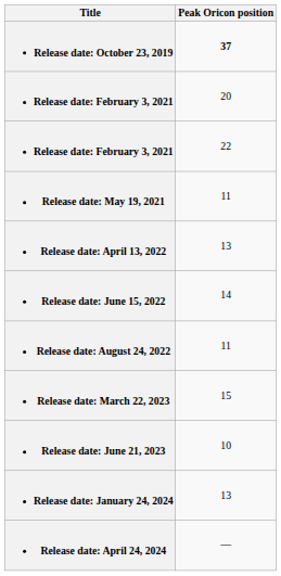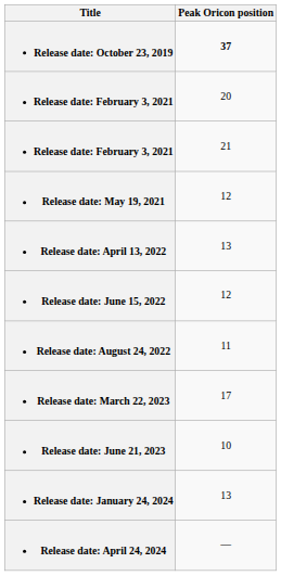 <table class="wikitable plainrowheaders">
 <tr>
 <th scope="col">Title</th>
 <th scope="col">Peak Oricon position</th>
 </tr>
 <tr>
 <th scope="row"><br><ul><li>Release date: October 23, 2019</li></ul></th>
 <td align="center"><strong>37</strong></td>
 </tr>
 <tr>
 <th scope="row"><br><ul><li>Release date: February 3, 2021</li></ul></th>
 <td align="center">20</td>
 </tr>
 <tr>
 <th scope="row"><br><ul><li>Release date: February 3, 2021</li></ul></th>
-<td align="center">22</td>
+<td align="center">21</td>
 </tr>
 <tr>
 <th scope="row"><br><ul><li>Release date: May 19, 2021</li></ul></th>
-<td align="center">11</td>
+<td align="center">12</td>
 </tr>
 <tr>
 <th scope="row"><br><ul><li>Release date: April 13, 2022</li></ul></th>
 <td align="center">13</td>
 </tr>
 <tr>
 <th scope="row"><br><ul><li>Release date: June 15, 2022</li></ul></th>
-<td align="center">14</td>
+<td align="center">12</td>
 </tr>
 <tr>
 <th scope="row"><br><ul><li>Release date: August 24, 2022</li></ul></th>
 <td align="center">11</td>
 </tr>
 <tr>
 <th scope="row"><br><ul><li>Release date: March 22, 2023</li></ul></th>
-<td align="center">15</td>
+<td align="center">17</td>
 </tr>
 <tr>
 <th scope="row"><br><ul><li>Release date: June 21, 2023</li></ul></th>
 <td align="center">10</td>
 </tr>
 <tr>
 <th scope="row"><br><ul><li>Release date: January 24, 2024</li></ul></th>
 <td align="center">13</td>
 </tr>
 <tr>
 <th scope="row"><br><ul><li>Release date: April 24, 2024</li></ul></th>
 <td align="center">—</td>
 </tr>
 </table>
